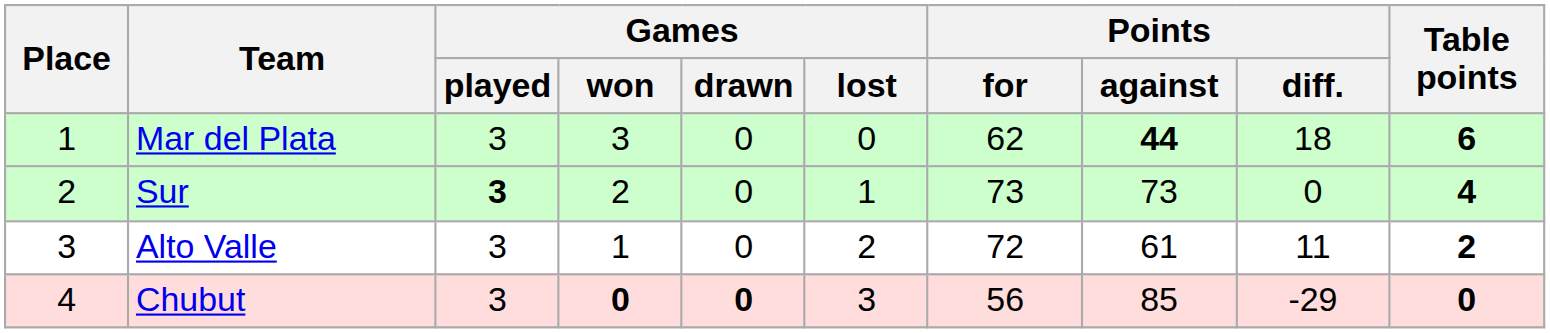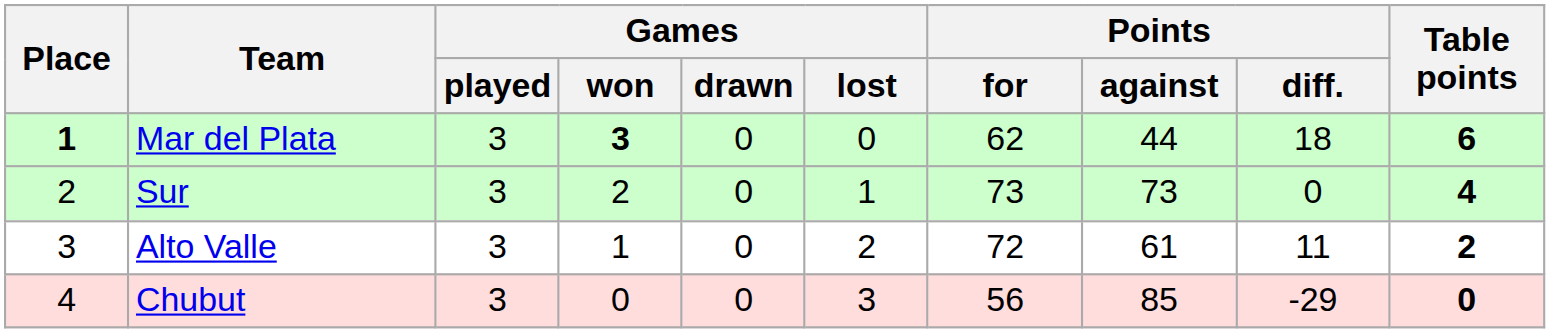 <table class="wikitable">
 <tr>
 <th rowspan=2 width="8%">Place</th>
 <th rowspan=2 width="20%">Team</th>
 <th colspan=4 width="32%">Games</th>
 <th colspan=3 width="30%">Points</th>
 <th rowspan=2 width="10%">Table<br>points</th>
 </tr>
 <tr>
 <th width="8%">played</th>
 <th width="8%">won</th>
 <th width="8%">drawn</th>
 <th width="8%">lost</th>
 <th width="10%">for</th>
 <th width="10%">against</th>
 <th width="10%">diff.</th>
 </tr>
 <tr align=center style="background: #ccffcc;">
-<td>1</td>
+<td><strong>1</strong></td>
 <td align=left><a href='#'>Mar del Plata</a></td>
 <td>3</td>
-<td>3</td>
+<td><strong>3</strong></td>
 <td>0</td>
 <td>0</td>
 <td>62</td>
-<td><strong>44</strong></td>
+<td>44</td>
 <td>18</td>
 <td><strong>6</strong></td>
 </tr>
 <tr align=center style="background: #ccffcc;">
 <td>2</td>
 <td align=left><a href='#'>Sur</a></td>
-<td><strong>3</strong></td>
+<td>3</td>
 <td>2</td>
 <td>0</td>
 <td>1</td>
 <td>73</td>
 <td>73</td>
 <td>0</td>
 <td><strong>4</strong></td>
 </tr>
 <tr align=center style="background: #ffffff;">
 <td>3</td>
 <td align=left><a href='#'>Alto Valle</a></td>
 <td>3</td>
 <td>1</td>
 <td>0</td>
 <td>2</td>
 <td>72</td>
 <td>61</td>
 <td>11</td>
 <td><strong>2</strong></td>
 </tr>
 <tr align=center style="background: #ffdddd;">
 <td>4</td>
 <td align=left><a href='#'>Chubut</a></td>
 <td>3</td>
-<td><strong>0</strong></td>
-<td><strong>0</strong></td>
+<td>0</td>
+<td>0</td>
 <td>3</td>
 <td>56</td>
 <td>85</td>
 <td>-29</td>
 <td><strong>0</strong></td>
 </tr>
 </table>
